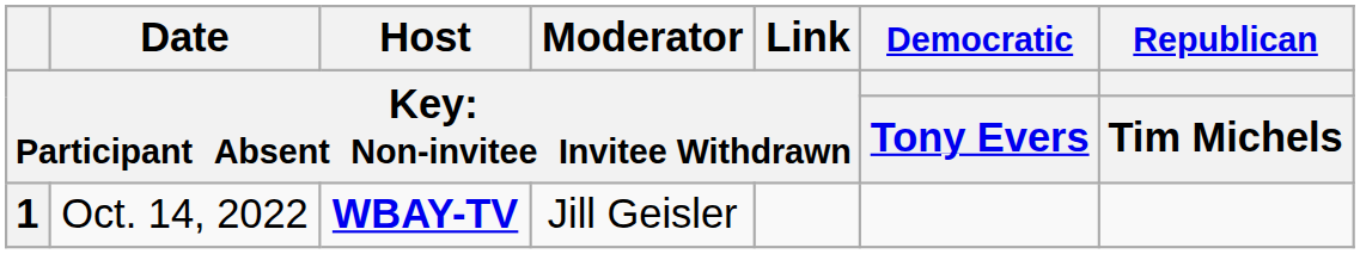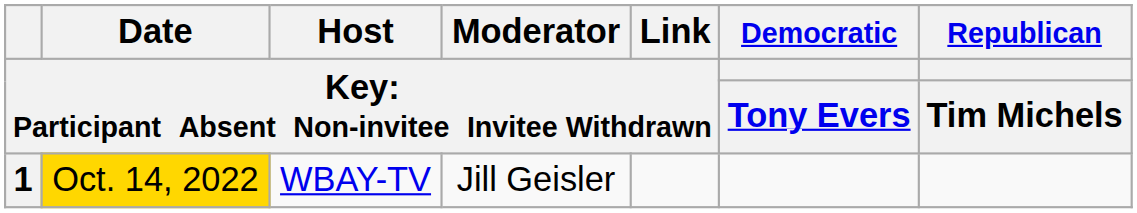 <table class="wikitable" style="text-align:center;">
 <tr>
 <th scope="col"></th>
 <th scope="col">Date</th>
 <th scope="col">Host</th>
 <th scope="col">Moderator</th>
 <th scope="col">Link</th>
 <th scope="col"><small><a href='#'>Democratic</a></small></th>
 <th scope="col"><small><a href='#'>Republican</a></small></th>
 </tr>
 <tr>
 <th colspan="5" rowspan="2">Key:<br> <small>Participant </small>  <small>Absent </small>  <small>Non-invitee </small>  <small>Invitee  Withdrawn</small></th>
 <th scope="col" style="background:"></th>
 <th scope="col" style="background:"></th>
 </tr>
 <tr>
 <th scope="col"><a href='#'>Tony Evers</a></th>
 <th scope="col">Tim Michels</th>
 </tr>
 <tr>
 <th scope="row">1</th>
-<td style="white-space:nowrap;">Oct. 14, 2022</td>
-<td style="white-space:nowrap;"><strong><a href='#'>WBAY-TV</a></strong></td>
+<td style="background: gold; white-space:nowrap;">Oct. 14, 2022</td>
+<td style="white-space:nowrap;"><a href='#'>WBAY-TV</a></td>
 <td style="white-space:nowrap;">Jill Geisler</td>
 <td style="white-space:nowrap;"></td>
 <td></td>
 <td></td>
 </tr>
 </table>
